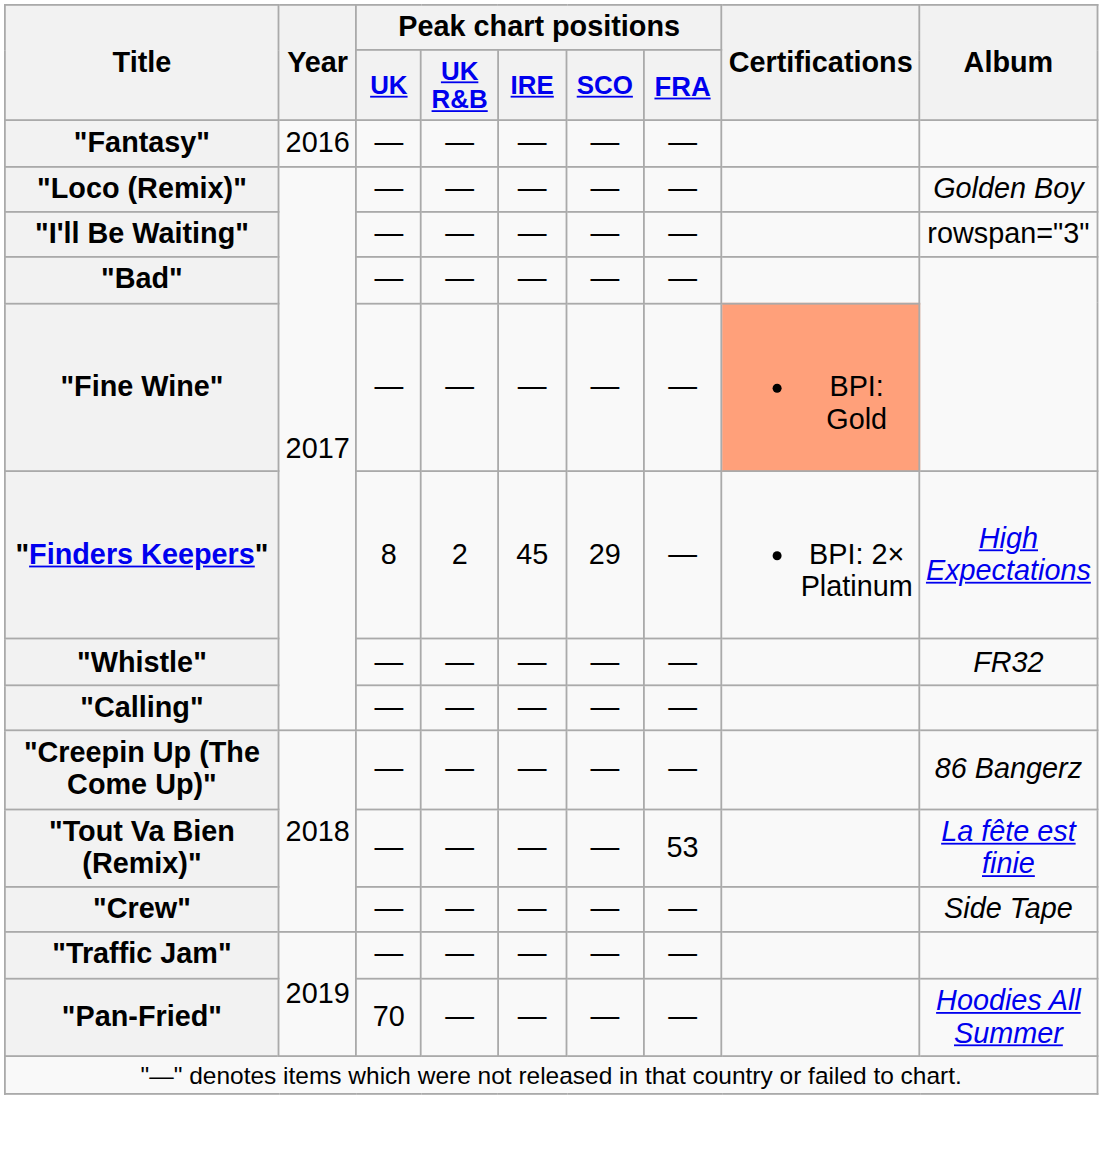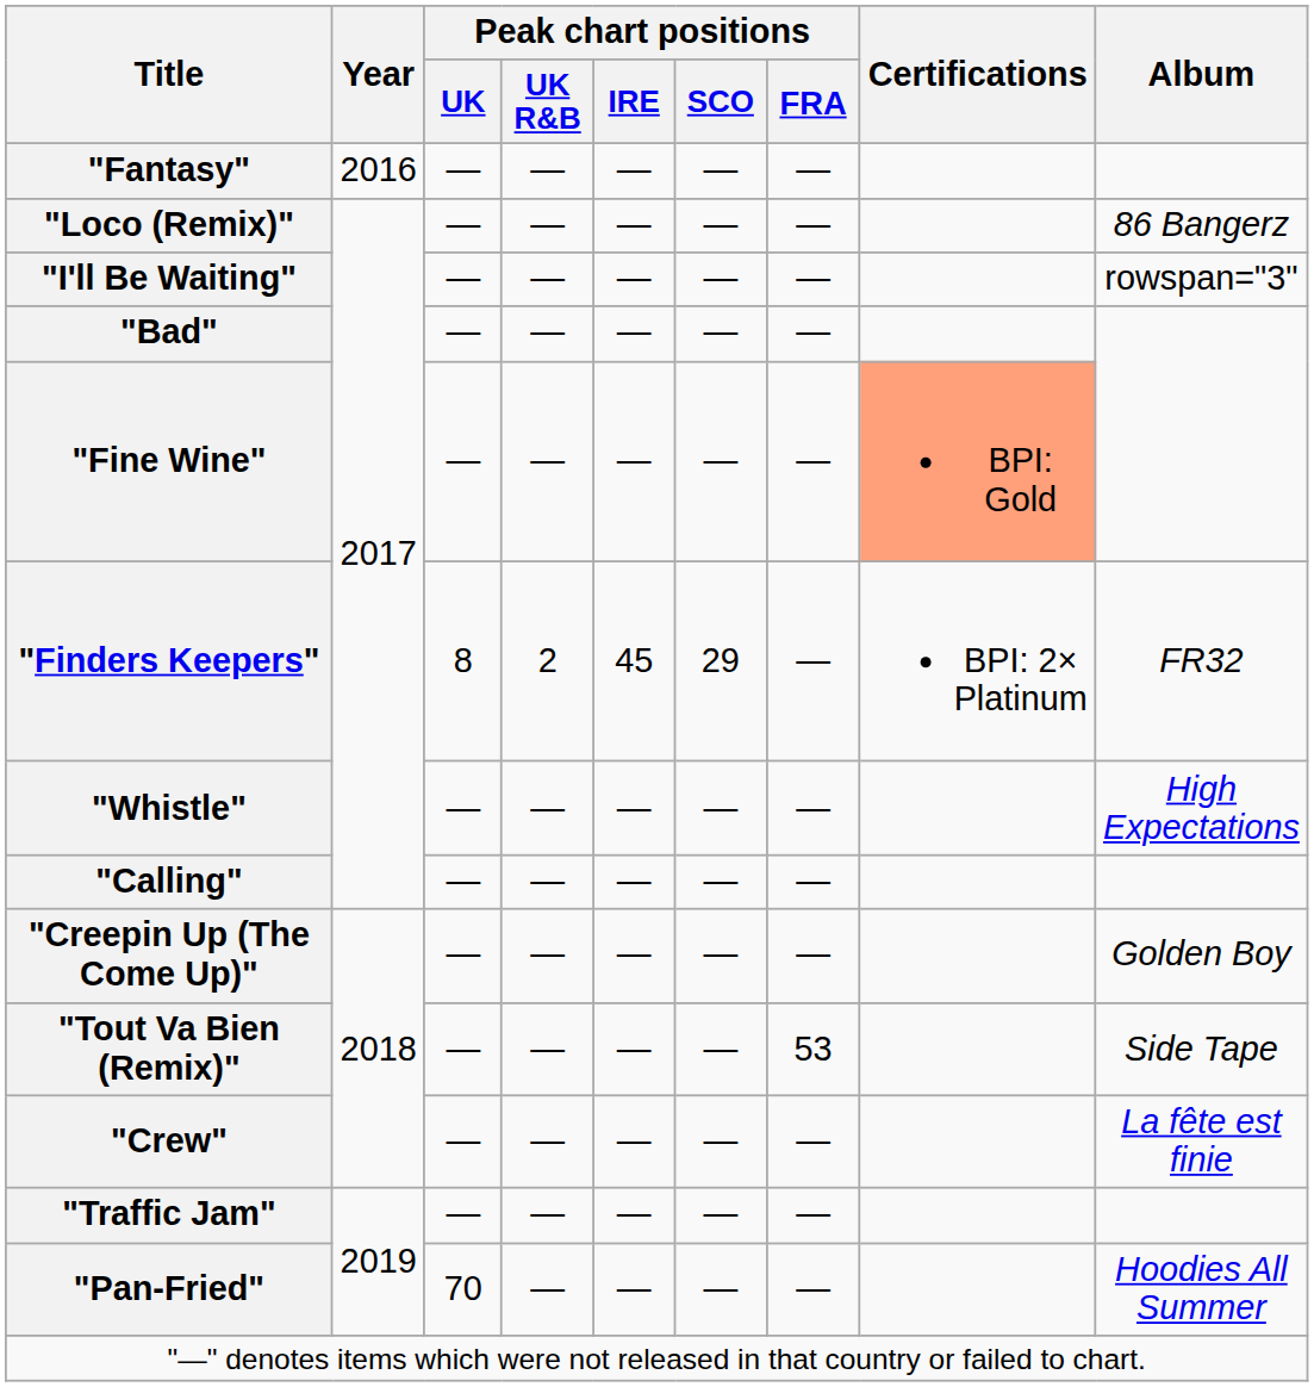 <table class="wikitable plainrowheaders" style="text-align:center;">
 <tr>
 <th scope="col" rowspan="2" style="width:16em;">Title</th>
 <th scope="col" rowspan="2" style="width:1em;">Year</th>
 <th scope="col" colspan="5">Peak chart positions</th>
 <th scope="col" rowspan="2">Certifications</th>
 <th scope="col" rowspan="2">Album</th>
 </tr>
 <tr>
 <th scope="col" style="width:3em;font-size:90%;"><a href='#'>UK</a><br></th>
 <th scope="col" style="width:3em;font-size:90%;"><a href='#'>UK<br>R&B</a><br></th>
 <th scope="col" style="width:3em;font-size:90%;"><a href='#'>IRE</a><br></th>
 <th scope="col" style="width:3em;font-size:90%;"><a href='#'>SCO</a><br></th>
 <th scope="col" style="width:3em;font-size:95%;"><a href='#'>FRA</a><br></th>
 </tr>
 <tr>
 <th scope="row">"Fantasy"<br></th>
 <td rowspan="1">2016</td>
 <td>—</td>
 <td>—</td>
 <td>—</td>
 <td>—</td>
 <td>—</td>
 <td></td>
 <td></td>
 </tr>
 <tr>
 <th scope="row">"Loco (Remix)"<br></th>
 <td rowspan="7">2017</td>
 <td>—</td>
 <td>—</td>
 <td>—</td>
 <td>—</td>
 <td>—</td>
 <td></td>
-<td><em>Golden Boy</em></td>
+<td><em>86 Bangerz</em></td>
 </tr>
 <tr>
 <th scope="row">"I'll Be Waiting"<br></th>
 <td>—</td>
 <td>—</td>
 <td>—</td>
 <td>—</td>
 <td>—</td>
 <td></td>
 <td>rowspan="3" </td>
 </tr>
 <tr>
 <th scope="row">"Bad"<br></th>
 <td>—</td>
 <td>—</td>
 <td>—</td>
 <td>—</td>
 <td>—</td>
 <td></td>
 </tr>
 <tr>
 <th scope="row">"Fine Wine"<br></th>
 <td>—</td>
 <td>—</td>
 <td>—</td>
 <td>—</td>
 <td>—</td>
 <td style="background: lightsalmon;"><br><ul><li>BPI: Gold</li></ul></td>
 </tr>
 <tr>
 <th scope="row">"<a href='#'>Finders Keepers</a>"<br></th>
 <td>8</td>
 <td>2</td>
 <td>45</td>
 <td>29</td>
 <td>—</td>
 <td><br><ul><li>BPI: 2× Platinum</li></ul></td>
-<td><em><a href='#'>High Expectations</a></em></td>
+<td><em>FR32</em></td>
 </tr>
 <tr>
 <th scope="row">"Whistle"<br></th>
 <td>—</td>
 <td>—</td>
 <td>—</td>
 <td>—</td>
 <td>—</td>
 <td></td>
-<td><em>FR32</em></td>
+<td><em><a href='#'>High Expectations</a></em></td>
 </tr>
 <tr>
 <th scope="row">"Calling"<br></th>
 <td>—</td>
 <td>—</td>
 <td>—</td>
 <td>—</td>
 <td>—</td>
 <td></td>
 <td></td>
 </tr>
 <tr>
 <th scope="row">"Creepin Up (The Come Up)"<br></th>
 <td rowspan="3">2018</td>
 <td>—</td>
 <td>—</td>
 <td>—</td>
 <td>—</td>
 <td>—</td>
 <td></td>
-<td><em>86 Bangerz</em></td>
+<td><em>Golden Boy</em></td>
 </tr>
 <tr>
 <th scope="row">"Tout Va Bien (Remix)"<br></th>
 <td>—</td>
 <td>—</td>
 <td>—</td>
 <td>—</td>
 <td>53</td>
 <td></td>
-<td><em><a href='#'>La fête est finie</a></em></td>
+<td><em>Side Tape</em></td>
 </tr>
 <tr>
 <th scope="row">"Crew"<br></th>
 <td>—</td>
 <td>—</td>
 <td>—</td>
 <td>—</td>
 <td>—</td>
 <td></td>
-<td><em>Side Tape</em></td>
+<td><em><a href='#'>La fête est finie</a></em></td>
 </tr>
 <tr>
 <th scope="row">"Traffic Jam"<br></th>
 <td rowspan="2">2019</td>
 <td>—</td>
 <td>—</td>
 <td>—</td>
 <td>—</td>
 <td>—</td>
 <td></td>
 <td></td>
 </tr>
 <tr>
 <th scope="row">"Pan-Fried"<br></th>
 <td>70</td>
 <td>—</td>
 <td>—</td>
 <td>—</td>
 <td>—</td>
 <td></td>
 <td><em><a href='#'>Hoodies All Summer</a></em></td>
 </tr>
 <tr>
 <td colspan="16" style="font-size:85%;">"—" denotes items which were not released in that country or failed to chart.</td>
 </tr>
 </table>
